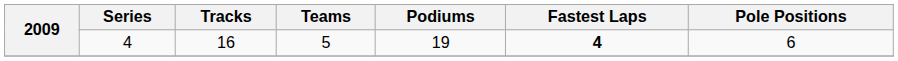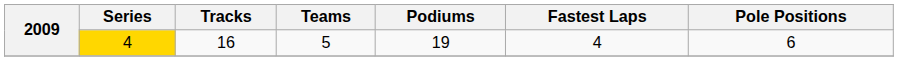 <table class="wikitable" width="881px">
 <tr>
 <th scope="col" rowspan="2">2009</th>
 <th scope="col">Series</th>
 <th scope="col">Tracks</th>
 <th scope="col">Teams</th>
 <th scope="col">Podiums</th>
 <th scope="col">Fastest Laps</th>
 <th scope="col">Pole Positions</th>
 </tr>
 <tr>
-<td style="text-align:center">4</td>
+<td style="background: gold; text-align:center">4</td>
 <td style="text-align:center">16</td>
 <td style="text-align:center">5</td>
 <td style="text-align:center">19</td>
-<td style="text-align:center"><strong>4</strong></td>
+<td style="text-align:center">4</td>
 <td style="text-align:center">6</td>
 </tr>
 <tr>
 </tr>
 </table>
